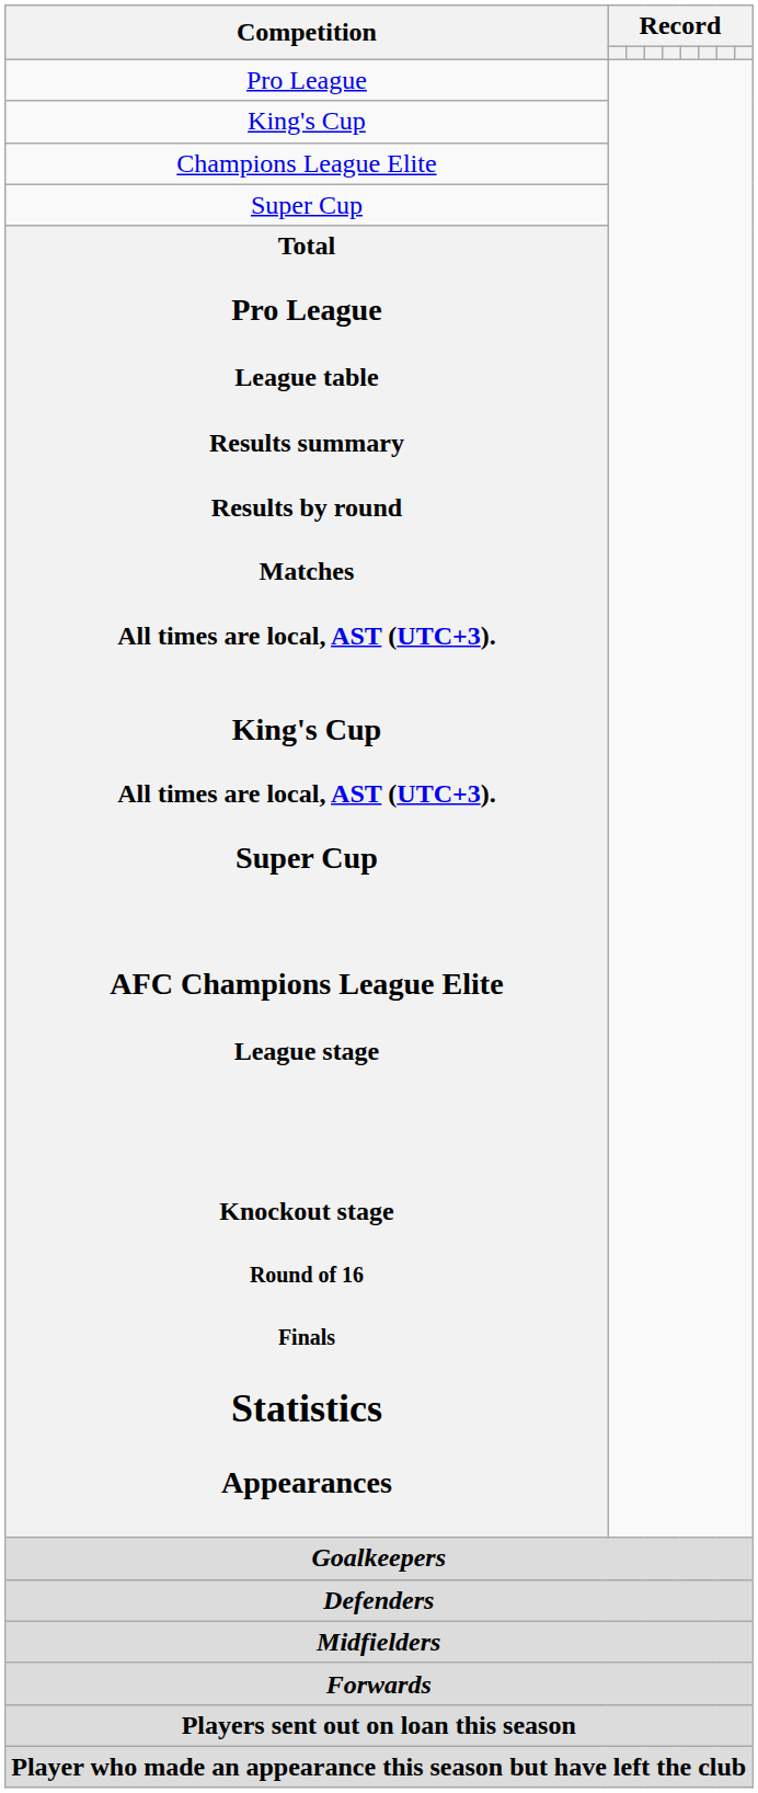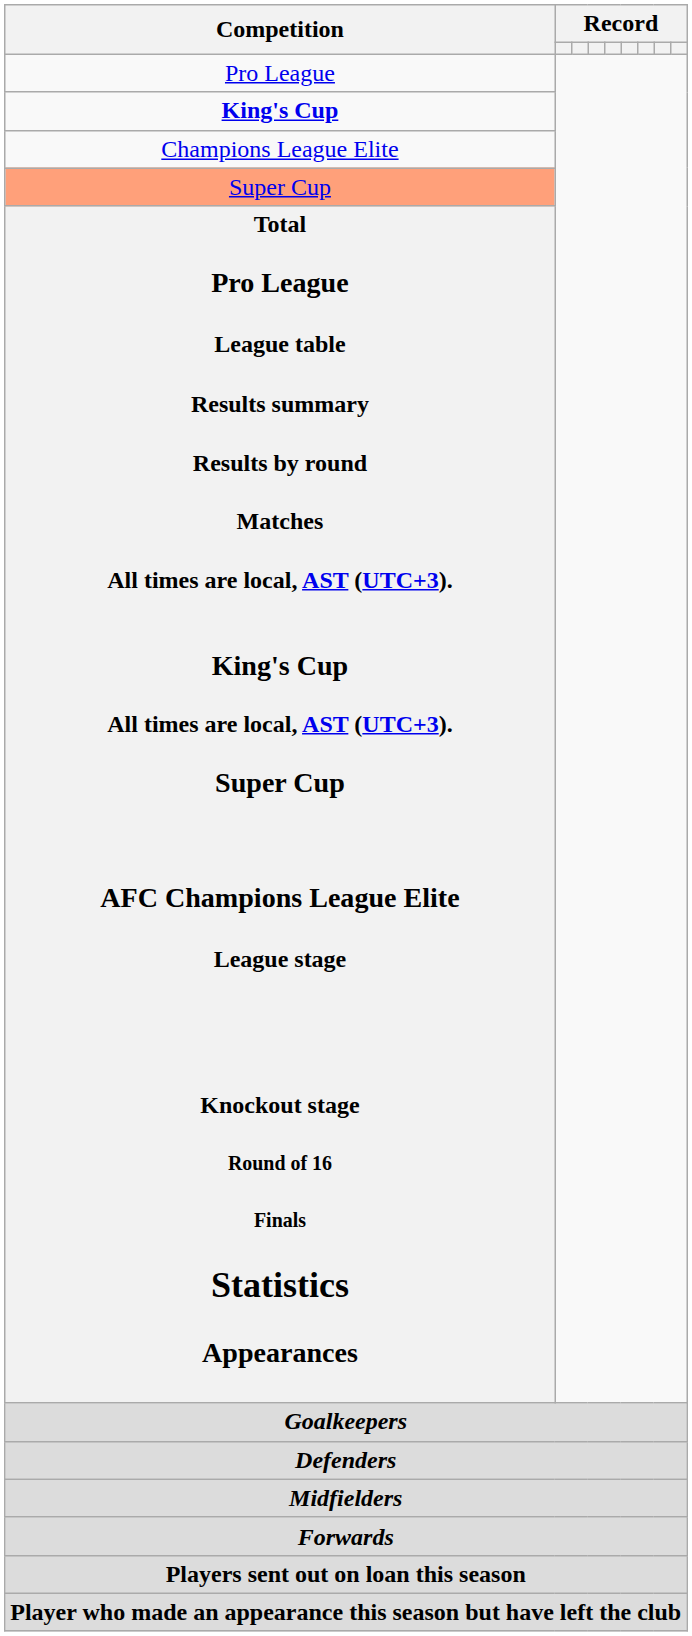 <table class="wikitable" style="text-align: center">
 <tr>
 <th rowspan=2>Competition</th>
 <th colspan=8>Record</th>
 </tr>
 <tr>
 <th></th>
 <th></th>
 <th></th>
 <th></th>
 <th></th>
 <th></th>
 <th></th>
 <th></th>
 </tr>
 <tr>
 <td><a href='#'>Pro League</a><br></td>
 </tr>
 <tr>
-<td><a href='#'>King's Cup</a><br></td>
+<td><strong><a href='#'>King's Cup</a><br></strong></td>
 </tr>
 <tr>
 <td><a href='#'>Champions League Elite</a><br></td>
 </tr>
 <tr>
-<td><a href='#'>Super Cup</a><br></td>
+<td style="background: lightsalmon;"><a href='#'>Super Cup</a><br></td>
 </tr>
 <tr>
 <th>Total<br> <h3>Pro League</h3><h4>League table</h4><h4>Results summary</h4> <h4>Results by round</h4><h4>Matches</h4>All times are local, <a href='#'>AST</a> (<a href='#'>UTC+3</a>).<br>   <br>                                 <h3>King's Cup</h3> All times are local, <a href='#'>AST</a> (<a href='#'>UTC+3</a>).<br> <h3>Super Cup</h3><br> <h3>AFC Champions League Elite</h3><h4>League stage</h4><br><br>       <h4>Knockout stage</h4><h5>Round of 16</h5> <h5>Finals</h5> <h2>Statistics</h2><h3>Appearances</h3></th>
 </tr>
 <tr>
 <th colspan=20 style=background:#dcdcdc; text-align:center><em>Goalkeepers</em><br>   </th>
 </tr>
 <tr>
 <th colspan=16 style=background:#dcdcdc; text-align:center><em>Defenders</em><br>        </th>
 </tr>
 <tr>
 <th colspan=16 style=background:#dcdcdc; text-align:center><em>Midfielders</em><br>            </th>
 </tr>
 <tr>
 <th colspan=16 style=background:#dcdcdc; text-align:center><em>Forwards</em><br>     </th>
 </tr>
 <tr>
 <th colspan=16 style=background:#dcdcdc; text-align:center>Players sent out on loan this season<br> </th>
 </tr>
 <tr>
 <th colspan=16 style=background:#dcdcdc; text-align:center>Player who made an appearance this season but have left the club<br>  </th>
 </tr>
 </table>
